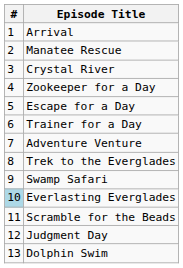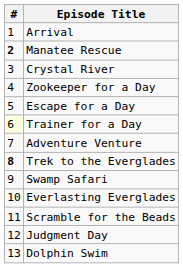 <table class="wikitable">
 <tr>
 <th>#</th>
 <th>Episode Title</th>
 </tr>
 <tr>
 <td>1</td>
 <td>Arrival</td>
 </tr>
 <tr>
-<td>2</td>
+<td><strong>2</strong></td>
 <td>Manatee Rescue</td>
 </tr>
 <tr>
 <td>3</td>
 <td>Crystal River</td>
 </tr>
 <tr>
 <td>4</td>
 <td>Zookeeper for a Day</td>
 </tr>
 <tr>
 <td>5</td>
 <td>Escape for a Day</td>
 </tr>
 <tr>
-<td>6</td>
+<td style="background: lightyellow;">6</td>
 <td>Trainer for a Day</td>
 </tr>
 <tr>
 <td>7</td>
 <td>Adventure Venture</td>
 </tr>
 <tr>
-<td>8</td>
+<td><strong>8</strong></td>
 <td>Trek to the Everglades</td>
 </tr>
 <tr>
 <td>9</td>
 <td>Swamp Safari</td>
 </tr>
 <tr>
-<td style="background: lightblue;">10</td>
+<td>10</td>
 <td>Everlasting Everglades</td>
 </tr>
 <tr>
 <td>11</td>
 <td>Scramble for the Beads</td>
 </tr>
 <tr>
 <td>12</td>
 <td>Judgment Day</td>
 </tr>
 <tr>
 <td>13</td>
 <td>Dolphin Swim</td>
 </tr>
 </table>
